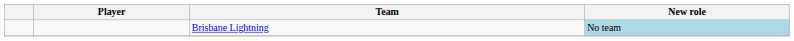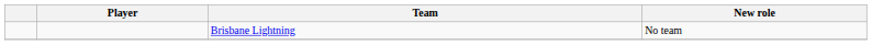 <table class="sortable wikitable" width=80% font-size=90%>
 <tr>
 <th width=40></th>
 <th>Player</th>
 <th>Team</th>
 <th>New role</th>
 </tr>
 <tr>
 <td align="center"></td>
 <td></td>
 <td><a href='#'>Brisbane Lightning</a></td>
-<td style="background: lightblue;">No team</td>
+<td>No team</td>
 </tr>
 <tr>
 </tr>
 </table>
